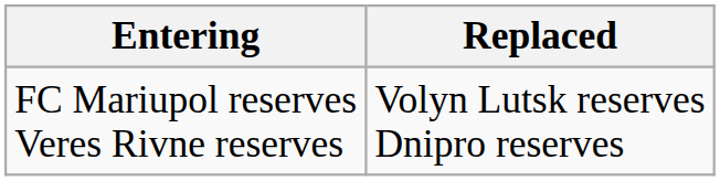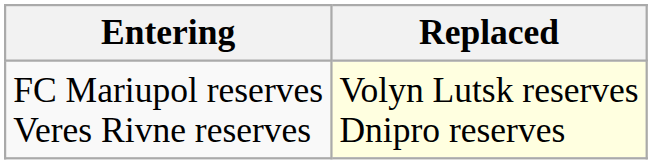 <table class="wikitable">
 <tr>
 <th>Entering</th>
 <th>Replaced</th>
 </tr>
 <tr>
 <td>FC Mariupol reserves<br>Veres Rivne reserves</td>
-<td>Volyn Lutsk reserves<br>Dnipro reserves</td>
+<td style="background: lightyellow;">Volyn Lutsk reserves<br>Dnipro reserves</td>
 </tr>
 </table>
